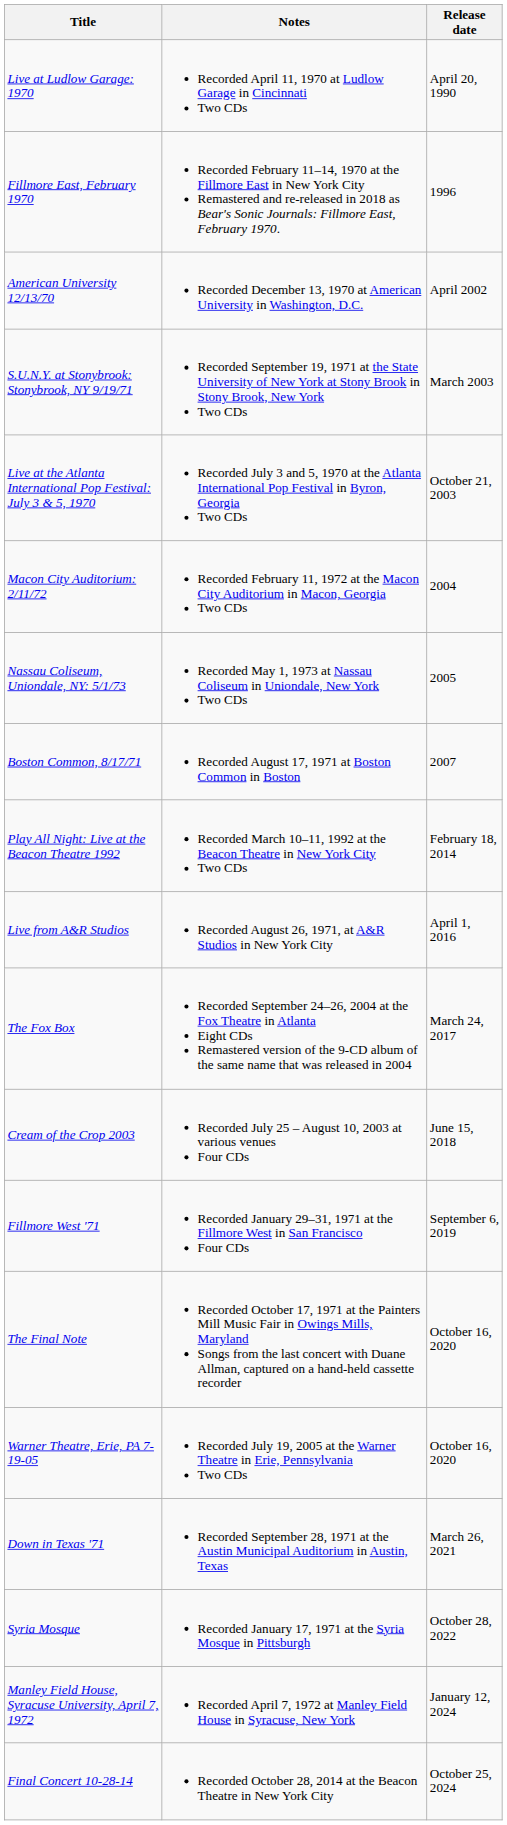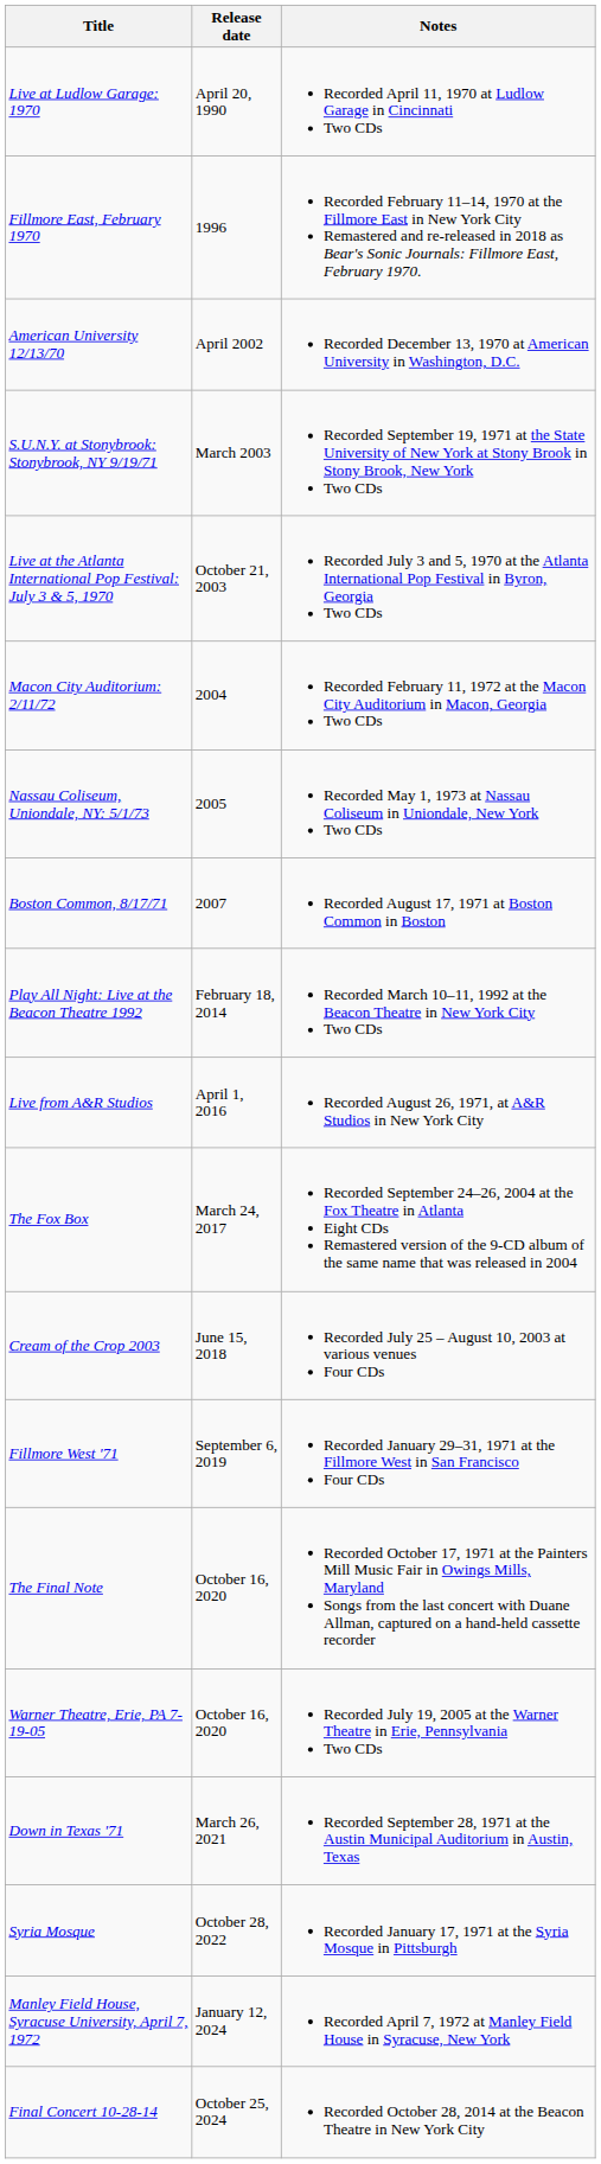 <table class="wikitable plainrowheaders">
 <tr>
 <th>Title</th>
+<th>Release date</th>
 <th>Notes</th>
-<th>Release date</th>
 </tr>
 <tr>
 <td><em><a href='#'>Live at Ludlow Garage: 1970</a></em></td>
+<td>April 20, 1990</td>
 <td><br><ul><li>Recorded April 11, 1970 at <a href='#'>Ludlow Garage</a> in <a href='#'>Cincinnati</a></li><li>Two CDs</li></ul></td>
-<td>April 20, 1990</td>
 </tr>
 <tr>
 <td><em><a href='#'>Fillmore East, February 1970</a></em></td>
+<td>1996</td>
 <td><br><ul><li>Recorded February 11–14, 1970 at the <a href='#'>Fillmore East</a> in New York City</li><li>Remastered and re-released in 2018 as <em>Bear's Sonic Journals: Fillmore East, February 1970</em>.</li></ul></td>
-<td>1996</td>
 </tr>
 <tr>
 <td><em><a href='#'>American University 12/13/70</a></em></td>
+<td>April 2002</td>
 <td><br><ul><li>Recorded December 13, 1970 at <a href='#'>American University</a> in <a href='#'>Washington, D.C.</a></li></ul></td>
-<td>April 2002</td>
 </tr>
 <tr>
 <td><em><a href='#'>S.U.N.Y. at Stonybrook: Stonybrook, NY 9/19/71</a></em></td>
+<td>March 2003</td>
 <td><br><ul><li>Recorded September 19, 1971 at <a href='#'>the State University of New York at Stony Brook</a> in <a href='#'>Stony Brook, New York</a></li><li>Two CDs</li></ul></td>
-<td>March 2003</td>
 </tr>
 <tr>
 <td><em><a href='#'>Live at the Atlanta International Pop Festival: July 3 & 5, 1970</a></em></td>
+<td>October 21, 2003</td>
 <td><br><ul><li>Recorded July 3 and 5, 1970 at the <a href='#'>Atlanta International Pop Festival</a> in <a href='#'>Byron, Georgia</a></li><li>Two CDs</li></ul></td>
-<td>October 21, 2003</td>
 </tr>
 <tr>
 <td><em><a href='#'>Macon City Auditorium: 2/11/72</a></em></td>
+<td>2004</td>
 <td><br><ul><li>Recorded February 11, 1972 at the <a href='#'>Macon City Auditorium</a> in <a href='#'>Macon, Georgia</a></li><li>Two CDs</li></ul></td>
-<td>2004</td>
 </tr>
 <tr>
 <td><em><a href='#'>Nassau Coliseum, Uniondale, NY: 5/1/73</a></em></td>
+<td>2005</td>
 <td><br><ul><li>Recorded May 1, 1973 at <a href='#'>Nassau Coliseum</a> in <a href='#'>Uniondale, New York</a></li><li>Two CDs</li></ul></td>
-<td>2005</td>
 </tr>
 <tr>
 <td><em><a href='#'>Boston Common, 8/17/71</a></em></td>
+<td>2007</td>
 <td><br><ul><li>Recorded August 17, 1971 at <a href='#'>Boston Common</a> in <a href='#'>Boston</a></li></ul></td>
-<td>2007</td>
 </tr>
 <tr>
 <td><em><a href='#'>Play All Night: Live at the Beacon Theatre 1992</a></em></td>
+<td>February 18, 2014</td>
 <td><br><ul><li>Recorded March 10–11, 1992 at the <a href='#'>Beacon Theatre</a> in <a href='#'>New York City</a></li><li>Two CDs</li></ul></td>
-<td>February 18, 2014</td>
 </tr>
 <tr>
 <td><em><a href='#'>Live from A&R Studios</a></em></td>
+<td>April 1, 2016</td>
 <td><br><ul><li>Recorded August 26, 1971, at <a href='#'>A&R Studios</a> in New York City</li></ul></td>
-<td>April 1, 2016</td>
 </tr>
 <tr>
 <td><em><a href='#'>The Fox Box</a></em></td>
+<td>March 24, 2017</td>
 <td><br><ul><li>Recorded September 24–26, 2004 at the <a href='#'>Fox Theatre</a> in <a href='#'>Atlanta</a></li><li>Eight CDs</li><li>Remastered version of the 9-CD album of the same name that was released in 2004</li></ul></td>
-<td>March 24, 2017</td>
 </tr>
 <tr>
 <td><em><a href='#'>Cream of the Crop 2003</a></em></td>
+<td>June 15, 2018</td>
 <td><br><ul><li>Recorded July 25 – August 10, 2003 at various venues</li><li>Four CDs</li></ul></td>
-<td>June 15, 2018</td>
 </tr>
 <tr>
 <td><em><a href='#'>Fillmore West '71</a></em></td>
+<td>September 6, 2019</td>
 <td><br><ul><li>Recorded January 29–31, 1971 at the <a href='#'>Fillmore West</a> in <a href='#'>San Francisco</a></li><li>Four CDs</li></ul></td>
-<td>September 6, 2019</td>
 </tr>
 <tr>
 <td><em><a href='#'>The Final Note</a></em></td>
+<td>October 16, 2020</td>
 <td><br><ul><li>Recorded October 17, 1971 at the Painters Mill Music Fair in <a href='#'>Owings Mills, Maryland</a></li><li>Songs from the last concert with Duane Allman, captured on a hand-held cassette recorder</li></ul></td>
-<td>October 16, 2020</td>
 </tr>
 <tr>
 <td><em><a href='#'>Warner Theatre, Erie, PA 7-19-05</a></em></td>
+<td>October 16, 2020</td>
 <td><br><ul><li>Recorded July 19, 2005 at the <a href='#'>Warner Theatre</a> in <a href='#'>Erie, Pennsylvania</a></li><li>Two CDs</li></ul></td>
-<td>October 16, 2020</td>
 </tr>
 <tr>
 <td><em><a href='#'>Down in Texas '71</a></em></td>
+<td>March 26, 2021</td>
 <td><br><ul><li>Recorded September 28, 1971 at the <a href='#'>Austin Municipal Auditorium</a> in <a href='#'>Austin, Texas</a></li></ul></td>
-<td>March 26, 2021</td>
 </tr>
 <tr>
 <td><em><a href='#'>Syria Mosque</a></em></td>
+<td>October 28, 2022</td>
 <td><br><ul><li>Recorded January 17, 1971 at the <a href='#'>Syria Mosque</a> in <a href='#'>Pittsburgh</a></li></ul></td>
-<td>October 28, 2022</td>
 </tr>
 <tr>
 <td><em><a href='#'>Manley Field House, Syracuse University, April 7, 1972</a></em></td>
+<td>January 12, 2024</td>
 <td><br><ul><li>Recorded April 7, 1972 at <a href='#'>Manley Field House</a> in <a href='#'>Syracuse, New York</a></li></ul></td>
-<td>January 12, 2024</td>
 </tr>
 <tr>
 <td><em><a href='#'>Final Concert 10-28-14</a></em></td>
+<td>October 25, 2024</td>
 <td><br><ul><li>Recorded October 28, 2014 at the Beacon Theatre in New York City</li></ul></td>
-<td>October 25, 2024</td>
 </tr>
 </table>
